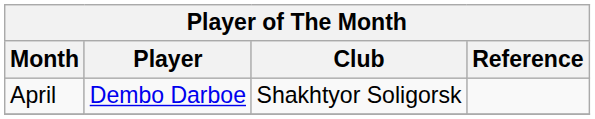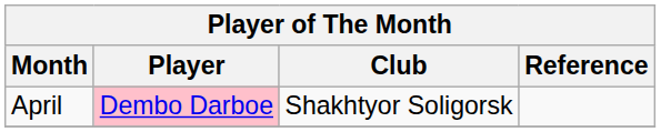 <table class="wikitable collapsible collapsed">
 <tr>
 <th colspan="5">Player of The Month</th>
 </tr>
 <tr>
 <th>Month</th>
 <th>Player</th>
 <th>Club</th>
 <th>Reference</th>
 </tr>
 <tr>
 <td>April</td>
-<td> <a href='#'>Dembo Darboe</a></td>
+<td style="background: pink;"> <a href='#'>Dembo Darboe</a></td>
 <td>Shakhtyor Soligorsk</td>
 <td align=center></td>
 </tr>
 <tr>
 </tr>
 </table>
